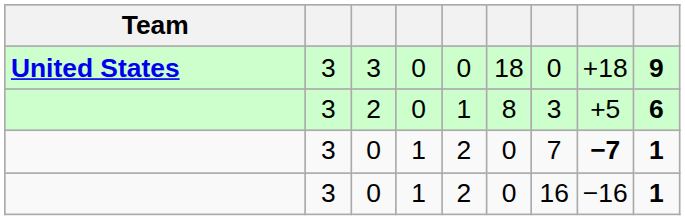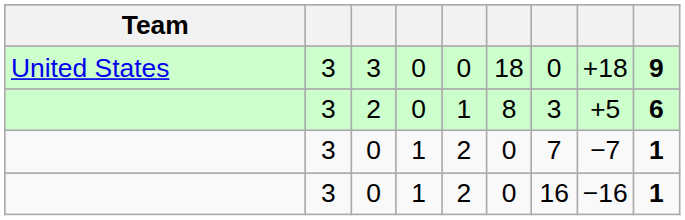 <table class="wikitable" style="text-align: center;">
 <tr>
 <th width="175">Team</th>
 <th width="20"></th>
 <th width="20"></th>
 <th width="20"></th>
 <th width="20"></th>
 <th width="20"></th>
 <th width="20"></th>
 <th width="20"></th>
 <th width="20"></th>
 </tr>
 <tr style="background:#cfc;">
-<td align=left><strong> <a href='#'>United States</a></strong></td>
+<td align=left> <a href='#'>United States</a></td>
 <td>3</td>
 <td>3</td>
 <td>0</td>
 <td>0</td>
 <td>18</td>
 <td>0</td>
 <td>+18</td>
 <td><strong>9</strong></td>
 </tr>
 <tr style="background:#cfc;">
 <td align=left></td>
 <td>3</td>
 <td>2</td>
 <td>0</td>
 <td>1</td>
 <td>8</td>
 <td>3</td>
 <td>+5</td>
 <td><strong>6</strong></td>
 </tr>
 <tr>
 <td align=left></td>
 <td>3</td>
 <td>0</td>
 <td>1</td>
 <td>2</td>
 <td>0</td>
 <td>7</td>
-<td><strong>−7</strong></td>
+<td>−7</td>
 <td><strong>1</strong></td>
 </tr>
 <tr>
 <td align=left></td>
 <td>3</td>
 <td>0</td>
 <td>1</td>
 <td>2</td>
 <td>0</td>
 <td>16</td>
 <td>−16</td>
 <td><strong>1</strong></td>
 </tr>
 </table>
